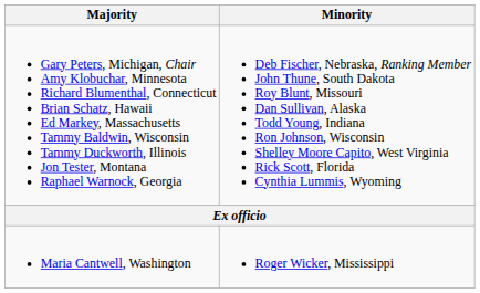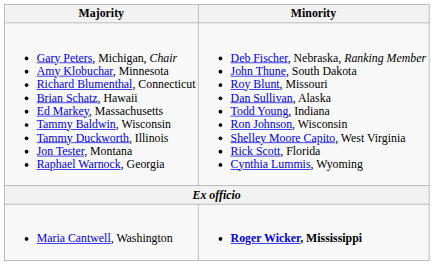 <table class=wikitable>
 <tr>
 <th>Majority</th>
 <th>Minority</th>
 </tr>
 <tr>
 <td><br><ul><li><a href='#'>Gary Peters</a>, Michigan, <em>Chair</em></li><li><a href='#'>Amy Klobuchar</a>, Minnesota</li><li><a href='#'>Richard Blumenthal</a>, Connecticut</li><li><a href='#'>Brian Schatz</a>, Hawaii</li><li><a href='#'>Ed Markey</a>, Massachusetts</li><li><a href='#'>Tammy Baldwin</a>, Wisconsin</li><li><a href='#'>Tammy Duckworth</a>, Illinois</li><li><a href='#'>Jon Tester</a>, Montana</li><li><a href='#'>Raphael Warnock</a>, Georgia</li></ul></td>
 <td><br><ul><li><a href='#'>Deb Fischer</a>, Nebraska, <em>Ranking Member</em></li><li><a href='#'>John Thune</a>, South Dakota</li><li><a href='#'>Roy Blunt</a>, Missouri</li><li><a href='#'>Dan Sullivan</a>, Alaska</li><li><a href='#'>Todd Young</a>, Indiana</li><li><a href='#'>Ron Johnson</a>, Wisconsin</li><li><a href='#'>Shelley Moore Capito</a>, West Virginia</li><li><a href='#'>Rick Scott</a>, Florida</li><li><a href='#'>Cynthia Lummis</a>, Wyoming</li></ul></td>
 </tr>
 <tr>
 <th colspan=2><em>Ex officio</em></th>
 </tr>
 <tr>
 <td><br><ul><li><a href='#'>Maria Cantwell</a>, Washington</li></ul></td>
-<td><br><ul><li><a href='#'>Roger Wicker</a>, Mississippi</li></ul></td>
+<td><strong><br><ul><li><a href='#'>Roger Wicker</a>, Mississippi</li></ul></strong></td>
 </tr>
 </table>
